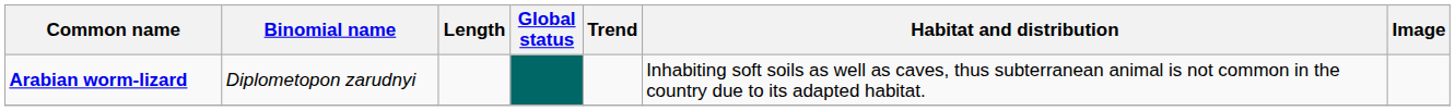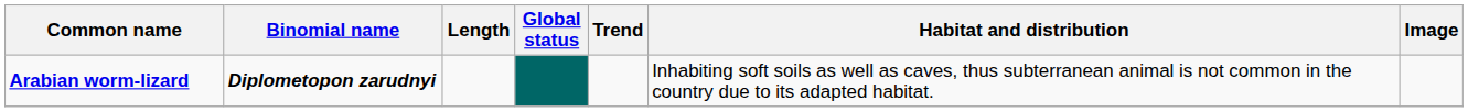 <table class="wikitable sortable">
 <tr>
 <th width="15%">Common name</th>
 <th width="15%"><a href='#'>Binomial name</a></th>
 <th width="5%">Length</th>
 <th width="5%"><a href='#'>Global status</a></th>
 <th width="1%">Trend</th>
 <th class="unsortable">Habitat and distribution</th>
 <th class="unsortable">Image</th>
 </tr>
 <tr>
 <td><strong><a href='#'>Arabian worm-lizard</a></strong></td>
-<td><em>Diplometopon zarudnyi</em></td>
+<td><strong><em>Diplometopon zarudnyi</em></strong></td>
 <td></td>
 <td align=center style="background: #006666"></td>
 <td align=center></td>
 <td>Inhabiting soft soils as well as caves, thus subterranean animal is not common in the country due to its adapted habitat.</td>
 <td></td>
 </tr>
 <tr>
 </tr>
 </table>
